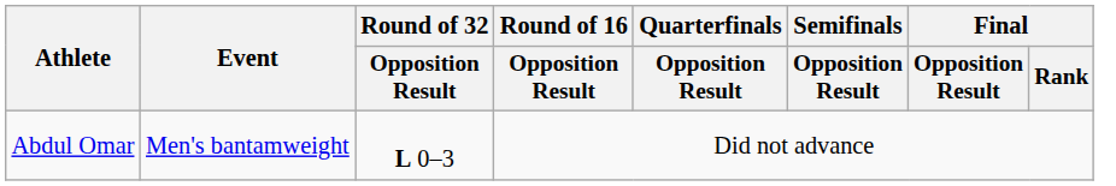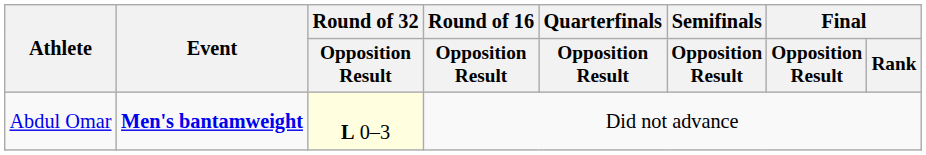 <table class="wikitable" style="font-size:90%">
 <tr>
 <th rowspan="2">Athlete</th>
 <th rowspan="2">Event</th>
 <th>Round of 32</th>
 <th>Round of 16</th>
 <th>Quarterfinals</th>
 <th>Semifinals</th>
 <th colspan=2>Final</th>
 </tr>
 <tr style="font-size:95%">
 <th>Opposition<br>Result</th>
 <th>Opposition<br>Result</th>
 <th>Opposition<br>Result</th>
 <th>Opposition<br>Result</th>
 <th>Opposition<br>Result</th>
 <th>Rank</th>
 </tr>
 <tr align=center>
 <td align=left><a href='#'>Abdul Omar</a></td>
-<td align=left><a href='#'>Men's bantamweight</a></td>
-<td><br><strong>L</strong> 0–3</td>
+<td align=left><strong><a href='#'>Men's bantamweight</a></strong></td>
+<td style="background: lightyellow;"><br><strong>L</strong> 0–3</td>
 <td colspan=5>Did not advance</td>
 </tr>
 </table>
